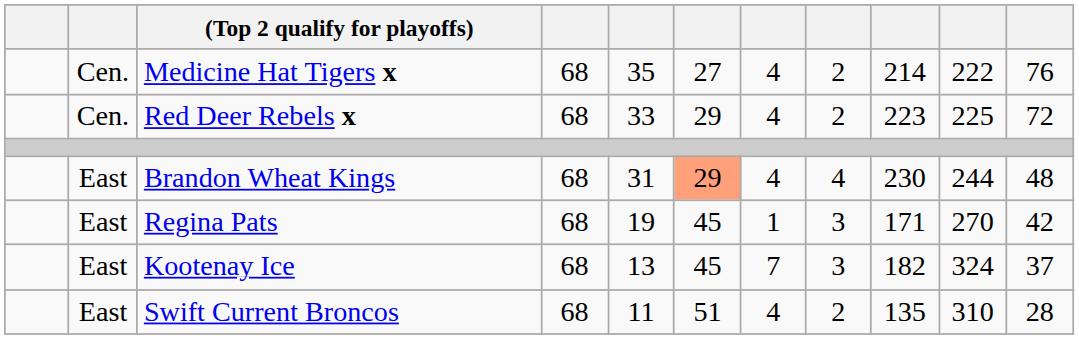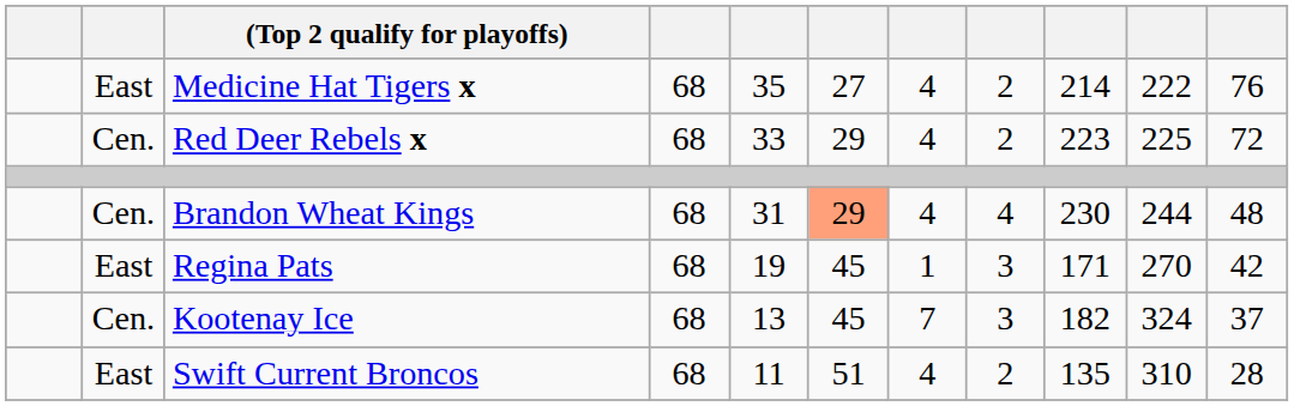 <table class="wikitable sortable">
 <tr>
 <th style="width:2em"></th>
 <th style="width:2em;"></th>
 <th style="width:15em;" class="unsortable"><small>(Top 2 qualify for playoffs)</small></th>
 <th style="width:2em;"></th>
 <th style="width:2em;"></th>
 <th style="width:2em;"></th>
 <th style="width:2em;"></th>
 <th style="width:2em;"></th>
 <th style="width:2em;"></th>
 <th style="width:2em;"></th>
 <th style="width:2em;"></th>
 </tr>
 <tr style="text-align: center;">
 <td></td>
-<td>Cen.</td>
+<td>East</td>
 <td style="text-align:left;"><a href='#'>Medicine Hat Tigers</a> <strong>x</strong></td>
 <td>68</td>
 <td>35</td>
 <td>27</td>
 <td>4</td>
 <td>2</td>
 <td>214</td>
 <td>222</td>
 <td>76</td>
 </tr>
 <tr style="text-align: center;">
 <td></td>
 <td>Cen.</td>
 <td style="text-align:left;"><a href='#'>Red Deer Rebels</a> <strong>x</strong></td>
 <td>68</td>
 <td>33</td>
 <td>29</td>
 <td>4</td>
 <td>2</td>
 <td>223</td>
 <td>225</td>
 <td>72</td>
 </tr>
 <tr style="color:#cccccc;background-color:#cccccc">
 <td style="height:2px" colspan=11></td>
 </tr>
 <tr style="font-weight: ; text-align: center;">
 <td></td>
-<td>East</td>
+<td>Cen.</td>
 <td style="text-align:left;"><a href='#'>Brandon Wheat Kings</a></td>
 <td>68</td>
 <td>31</td>
 <td style="background: lightsalmon;">29</td>
 <td>4</td>
 <td>4</td>
 <td>230</td>
 <td>244</td>
 <td>48</td>
 </tr>
 <tr style="font-weight: ; text-align: center;">
 <td></td>
 <td>East</td>
 <td style="text-align:left;"><a href='#'>Regina Pats</a></td>
 <td>68</td>
 <td>19</td>
 <td>45</td>
 <td>1</td>
 <td>3</td>
 <td>171</td>
 <td>270</td>
 <td>42</td>
 </tr>
 <tr style="text-align: center;">
 <td></td>
-<td>East</td>
+<td>Cen.</td>
 <td style="text-align:left;"><a href='#'>Kootenay Ice</a></td>
 <td>68</td>
 <td>13</td>
 <td>45</td>
 <td>7</td>
 <td>3</td>
 <td>182</td>
 <td>324</td>
 <td>37</td>
 </tr>
 <tr style="font-weight: ; text-align: center;">
 <td></td>
 <td>East</td>
 <td style="text-align:left;"><a href='#'>Swift Current Broncos</a></td>
 <td>68</td>
 <td>11</td>
 <td>51</td>
 <td>4</td>
 <td>2</td>
 <td>135</td>
 <td>310</td>
 <td>28</td>
 </tr>
 </table>
